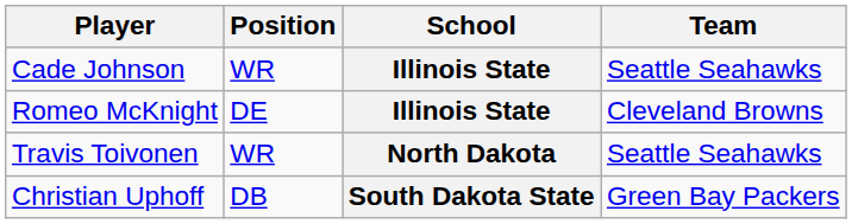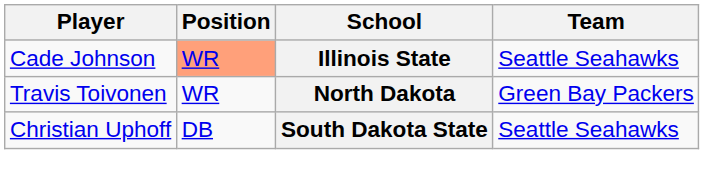 <table class="wikitable sortable" border="1">
 <tr>
 <th>Player</th>
 <th>Position</th>
 <th>School</th>
 <th>Team</th>
 </tr>
 <tr>
 <td><a href='#'>Cade Johnson</a></td>
-<td><a href='#'>WR</a></td>
+<td style="background: lightsalmon;"><a href='#'>WR</a></td>
 <th>Illinois State</th>
 <td><a href='#'>Seattle Seahawks</a></td>
-</tr>
-<tr>
-<td><a href='#'>Romeo McKnight</a></td>
-<td><a href='#'>DE</a></td>
-<th>Illinois State</th>
-<td><a href='#'>Cleveland Browns</a></td>
 </tr>
 <tr>
 <td><a href='#'>Travis Toivonen</a></td>
 <td><a href='#'>WR</a></td>
 <th>North Dakota</th>
-<td><a href='#'>Seattle Seahawks</a></td>
+<td><a href='#'>Green Bay Packers</a></td>
 </tr>
 <tr>
 <td><a href='#'>Christian Uphoff</a></td>
 <td><a href='#'>DB</a></td>
 <th>South Dakota State</th>
-<td><a href='#'>Green Bay Packers</a></td>
+<td><a href='#'>Seattle Seahawks</a></td>
 </tr>
 </table>
